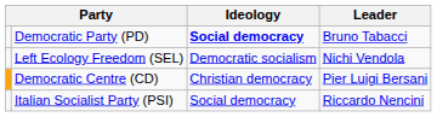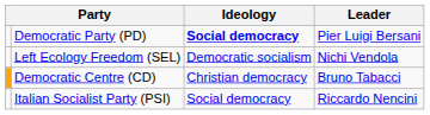 <table class=wikitable style=text-align:left>
 <tr>
 <th colspan=2>Party</th>
 <th>Ideology</th>
 <th>Leader</th>
 </tr>
 <tr>
 <td></td>
 <td><a href='#'>Democratic Party</a> (PD)</td>
 <td><strong><a href='#'>Social democracy</a></strong></td>
-<td><a href='#'>Bruno Tabacci</a></td>
+<td><a href='#'>Pier Luigi Bersani</a></td>
 </tr>
 <tr>
 <td></td>
 <td><a href='#'>Left Ecology Freedom</a> (SEL)</td>
 <td><a href='#'>Democratic socialism</a></td>
 <td><a href='#'>Nichi Vendola</a></td>
 </tr>
 <tr>
 <td bgcolor="orange"></td>
 <td><a href='#'>Democratic Centre</a> (CD)</td>
 <td><a href='#'>Christian democracy</a></td>
-<td><a href='#'>Pier Luigi Bersani</a></td>
+<td><a href='#'>Bruno Tabacci</a></td>
 </tr>
 <tr>
 <td></td>
 <td><a href='#'>Italian Socialist Party</a> (PSI)</td>
 <td><a href='#'>Social democracy</a></td>
 <td><a href='#'>Riccardo Nencini</a></td>
 </tr>
 </table>
